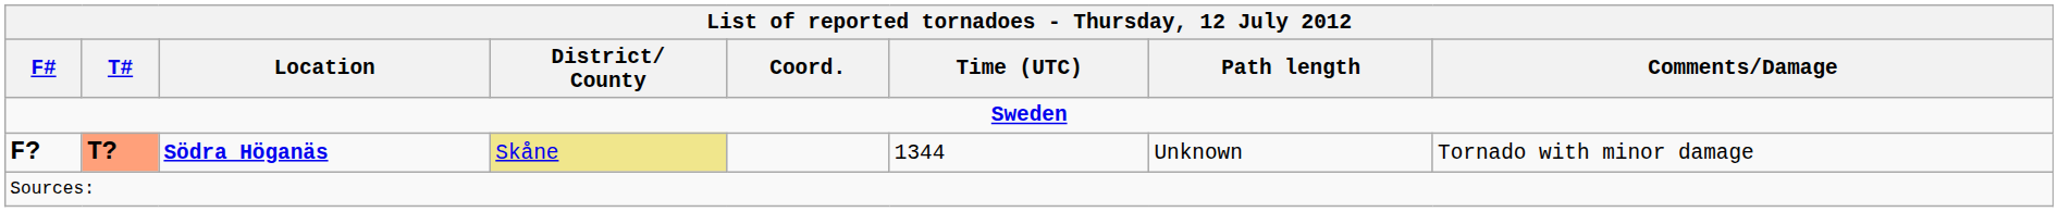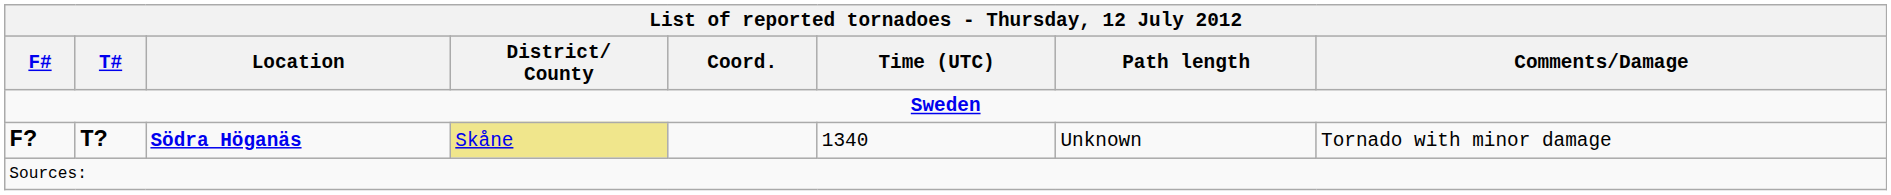 <table class="wikitable collapsible" width="100%">
 <tr>
 <th colspan="8">List of reported tornadoes - Thursday, 12 July 2012</th>
 </tr>
 <tr>
 <th><a href='#'>F#</a></th>
 <th><a href='#'>T#</a></th>
 <th>Location</th>
 <th>District/<br>County</th>
 <th>Coord.</th>
 <th>Time (UTC)</th>
 <th>Path length</th>
 <th>Comments/Damage</th>
 </tr>
 <tr>
 <td colspan="8" align=center><strong><a href='#'>Sweden</a></strong></td>
 </tr>
 <tr>
 <td><big><strong>F?</strong></big></td>
-<td style="background: lightsalmon;"><big><strong>T?</strong></big></td>
+<td><big><strong>T?</strong></big></td>
 <td><strong><a href='#'>Södra Höganäs</a></strong></td>
 <td style="background: khaki;"><a href='#'>Skåne</a></td>
 <td></td>
-<td>1344</td>
+<td>1340</td>
 <td>Unknown</td>
 <td>Tornado with minor damage</td>
 </tr>
 <tr>
 <td colspan="8"><small>Sources:  </small></td>
 </tr>
 </table>
